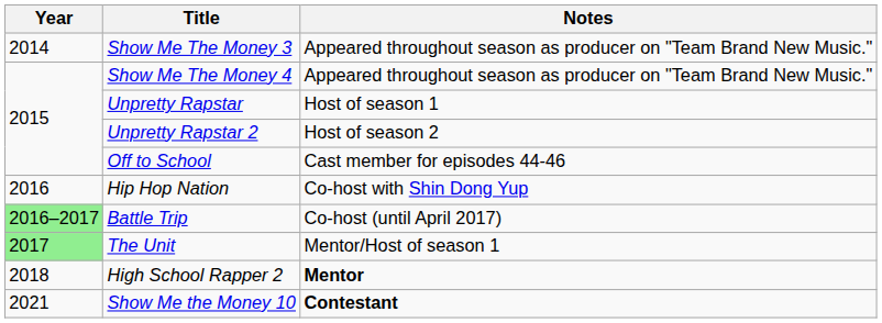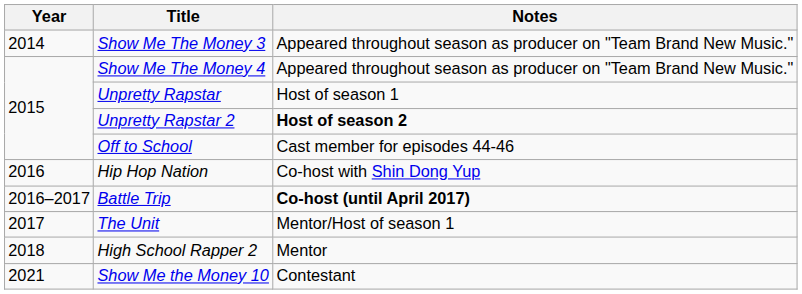 <table class="wikitable">
 <tr>
 <th>Year</th>
 <th>Title</th>
 <th>Notes</th>
 </tr>
 <tr>
 <td rowspan="1">2014</td>
 <td><a href='#'><em>Show Me The Money 3</em></a></td>
 <td>Appeared throughout season as producer on "Team Brand New Music."</td>
 </tr>
 <tr>
 <td rowspan="4">2015</td>
 <td><a href='#'><em>Show Me The Money 4</em></a></td>
 <td>Appeared throughout season as producer on "Team Brand New Music."</td>
 </tr>
 <tr>
 <td><em><a href='#'>Unpretty Rapstar</a></em></td>
 <td>Host of season 1</td>
 </tr>
 <tr>
 <td><em><a href='#'>Unpretty Rapstar 2</a></em></td>
-<td>Host of season 2</td>
+<td><strong>Host of season 2</strong></td>
 </tr>
 <tr>
 <td><em><a href='#'>Off to School</a></em></td>
 <td>Cast member for episodes 44-46</td>
 </tr>
 <tr>
 <td>2016</td>
 <td><em>Hip Hop Nation</em></td>
 <td>Co-host with <a href='#'>Shin Dong Yup</a></td>
 </tr>
 <tr>
-<td style="background: lightgreen;">2016–2017</td>
+<td>2016–2017</td>
 <td><em><a href='#'>Battle Trip</a></em></td>
-<td>Co-host (until April 2017)</td>
+<td><strong>Co-host (until April 2017)</strong></td>
 </tr>
 <tr>
-<td style="background: lightgreen;">2017</td>
+<td>2017</td>
 <td><a href='#'><em>The Unit</em></a></td>
 <td>Mentor/Host of season 1</td>
 </tr>
 <tr>
 <td>2018</td>
 <td><em>High School Rapper 2</em></td>
-<td><strong>Mentor</strong></td>
+<td>Mentor</td>
 </tr>
 <tr>
 <td>2021</td>
 <td><em><a href='#'>Show Me the Money 10</a></em></td>
-<td><strong>Contestant</strong></td>
+<td>Contestant</td>
 </tr>
 </table>
